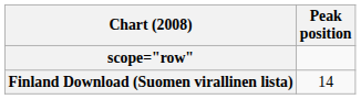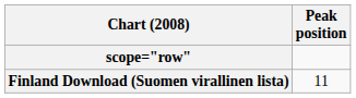 <table class="wikitable plainrowheaders sortable" style="text-align:center;">
 <tr>
 <th scope="col">Chart (2008)</th>
 <th scope="col">Peak<br>position</th>
 </tr>
 <tr>
 <th>scope="row"</th>
 </tr>
 <tr>
 <th scope="row">Finland Download (Suomen virallinen lista)</th>
-<td style="text-align:center;">14</td>
+<td style="text-align:center;">11</td>
 </tr>
 </table>
